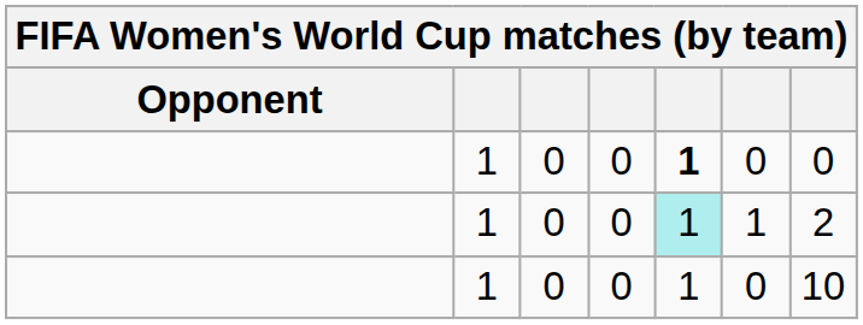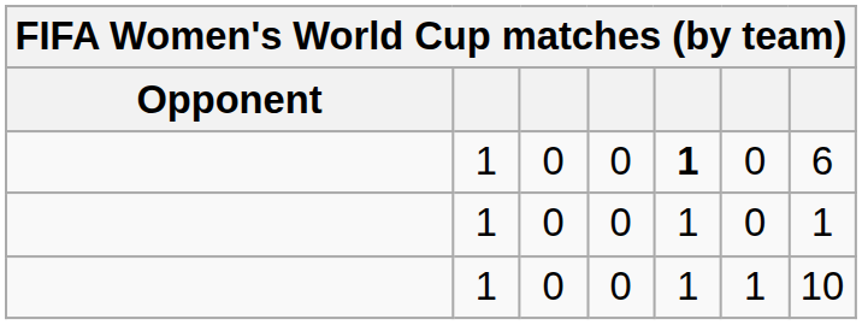 <table class="wikitable sortable" style="text-align: center;">
 <tr>
 <th colspan=7>FIFA Women's World Cup matches (by team)</th>
 </tr>
 <tr>
 <th>Opponent</th>
 <th style="width:20px;"></th>
 <th style="width:20px;"></th>
 <th style="width:20px;"></th>
 <th style="width:20px;"></th>
 <th style="width:20px;"></th>
 <th style="width:20px;"></th>
 </tr>
 <tr>
 <td align="left"></td>
 <td>1</td>
 <td>0</td>
 <td>0</td>
 <td><strong>1</strong></td>
 <td>0</td>
-<td>0</td>
-</tr>
-<tr>
-<td align="left"></td>
-<td>1</td>
-<td>0</td>
-<td>0</td>
-<td style="background: paleturquoise;">1</td>
-<td>1</td>
-<td>2</td>
+<td>6</td>
 </tr>
 <tr>
 <td align="left"></td>
 <td>1</td>
 <td>0</td>
 <td>0</td>
 <td>1</td>
 <td>0</td>
+<td>1</td>
+</tr>
+<tr>
+<td align="left"></td>
+<td>1</td>
+<td>0</td>
+<td>0</td>
+<td>1</td>
+<td>1</td>
 <td>10</td>
 </tr>
 </table>
